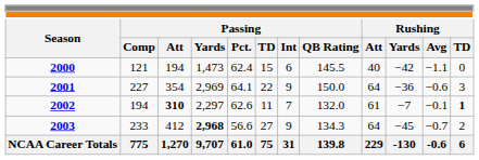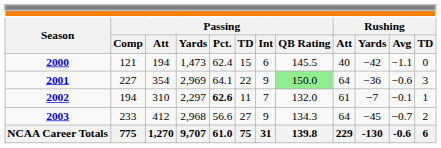 <table class=wikitable style="text-align:center;">
 <tr>
 <td ! colspan="12" style="background:gray; border:2px solid silver; color:white;"></td>
 </tr>
 <tr>
 <td ! colspan="12" style="background: #F77F00; border: 2px solid white; color:white;"></td>
 </tr>
 <tr>
 <th rowspan=2>Season</th>
 <th colspan=7>Passing</th>
 <th colspan=4>Rushing</th>
 </tr>
 <tr>
 <th>Comp</th>
 <th>Att</th>
 <th>Yards</th>
 <th>Pct.</th>
 <th>TD</th>
 <th>Int</th>
 <th>QB Rating</th>
 <th>Att</th>
 <th>Yards</th>
 <th>Avg</th>
 <th>TD</th>
 </tr>
 <tr>
 <td><strong><a href='#'>2000</a></strong></td>
 <td>121</td>
 <td>194</td>
 <td>1,473</td>
 <td>62.4</td>
 <td>15</td>
 <td>6</td>
 <td>145.5</td>
 <td>40</td>
 <td>−42</td>
 <td>−1.1</td>
 <td>0</td>
 </tr>
 <tr>
 <td><strong><a href='#'>2001</a></strong></td>
 <td>227</td>
 <td>354</td>
 <td>2,969</td>
 <td>64.1</td>
 <td>22</td>
 <td>9</td>
-<td>150.0</td>
+<td style="background: lightgreen;">150.0</td>
 <td>64</td>
 <td>−36</td>
 <td>−0.6</td>
 <td>3</td>
 </tr>
 <tr>
 <td><strong><a href='#'>2002</a></strong></td>
 <td>194</td>
-<td><strong>310</strong></td>
+<td>310</td>
 <td>2,297</td>
-<td>62.6</td>
+<td><strong>62.6</strong></td>
 <td>11</td>
 <td>7</td>
 <td>132.0</td>
 <td>61</td>
 <td>−7</td>
 <td>−0.1</td>
-<td><strong>1</strong></td>
+<td>1</td>
 </tr>
 <tr>
 <td><strong><a href='#'>2003</a></strong></td>
 <td>233</td>
 <td>412</td>
-<td><strong>2,968</strong></td>
+<td>2,968</td>
 <td>56.6</td>
 <td>27</td>
 <td>9</td>
 <td>134.3</td>
 <td>64</td>
 <td>−45</td>
 <td>−0.7</td>
 <td>2</td>
 </tr>
 <tr>
 <th>NCAA Career Totals</th>
 <th>775</th>
 <th>1,270</th>
 <th>9,707</th>
 <th>61.0</th>
 <th>75</th>
 <th>31</th>
 <th>139.8</th>
 <th>229</th>
 <th>-130</th>
 <th>-0.6</th>
 <th>6</th>
 </tr>
 </table>
